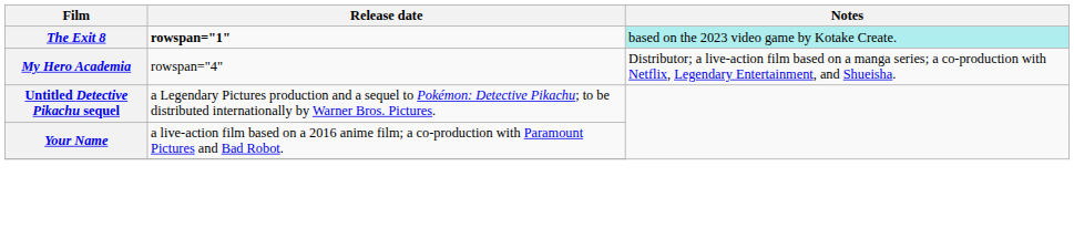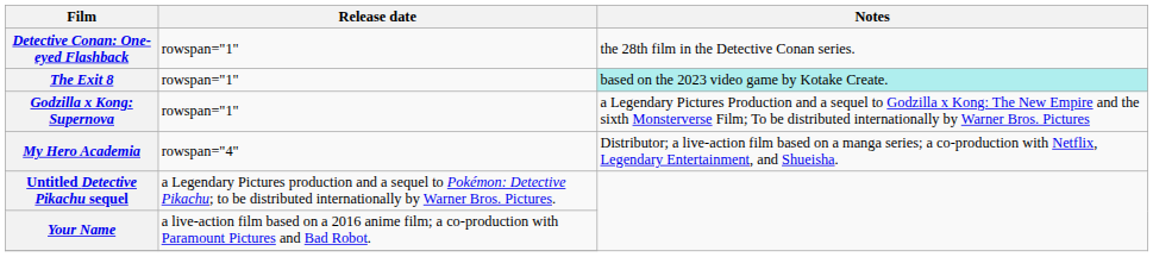 <table class="wikitable">
 <tr>
 <th>Film</th>
 <th>Release date</th>
 <th>Notes</th>
 </tr>
 <tr>
+<th scope="row"><em><a href='#'>Detective Conan: One-eyed Flashback</a></em></th>
+<td>rowspan="1" </td>
+<td>the 28th film in the Detective Conan series.</td>
+</tr>
+<tr>
 <th scope="row"><em><a href='#'>The Exit 8</a></em></th>
-<td><strong>rowspan="1" </strong></td>
+<td>rowspan="1" </td>
 <td style="background: paleturquoise;">based on the 2023 video game by Kotake Create.</td>
+</tr>
+<tr>
+<th scope="row"><em> <a href='#'>Godzilla x Kong: Supernova</a></em></th>
+<td>rowspan="1" </td>
+<td>a Legendary Pictures Production and a sequel to <a href='#'>Godzilla x Kong: The New Empire</a> and the sixth <a href='#'>Monsterverse</a> Film; To be distributed internationally by <a href='#'>Warner Bros. Pictures</a></td>
 </tr>
 <tr>
 <th scope="row"><em><a href='#'>My Hero Academia</a></em></th>
 <td>rowspan="4" </td>
 <td>Distributor; a live-action film based on a manga series; a co-production with <a href='#'>Netflix</a>, <a href='#'>Legendary Entertainment</a>, and <a href='#'>Shueisha</a>.</td>
 </tr>
 <tr>
 <th scope="row"><a href='#'>Untitled <em>Detective Pikachu</em> sequel</a></th>
 <td>a Legendary Pictures production and a sequel to <em><a href='#'>Pokémon: Detective Pikachu</a></em>; to be distributed internationally by <a href='#'>Warner Bros. Pictures</a>.</td>
 </tr>
 <tr>
 <th scope="row"><em><a href='#'>Your Name</a></em></th>
 <td>a live-action film based on a 2016 anime film; a co-production with <a href='#'>Paramount Pictures</a> and <a href='#'>Bad Robot</a>.</td>
 </tr>
 <tr>
 </tr>
 </table>
